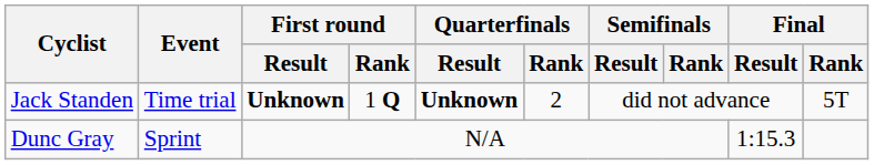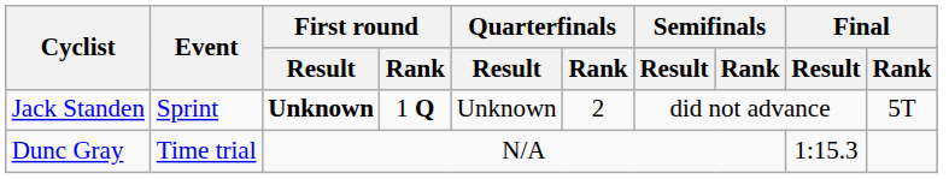 <table class=wikitable style="font-size:90%">
 <tr>
 <th rowspan=2>Cyclist</th>
 <th rowspan=2>Event</th>
 <th colspan=2>First round</th>
 <th colspan=2>Quarterfinals</th>
 <th colspan=2>Semifinals</th>
 <th colspan=2>Final</th>
 </tr>
 <tr>
 <th>Result</th>
 <th>Rank</th>
 <th>Result</th>
 <th>Rank</th>
 <th>Result</th>
 <th>Rank</th>
 <th>Result</th>
 <th>Rank</th>
 </tr>
 <tr>
 <td><a href='#'>Jack Standen</a></td>
-<td><a href='#'>Time trial</a></td>
+<td><a href='#'>Sprint</a></td>
 <td align=center><strong>Unknown</strong></td>
 <td align=center>1 <strong>Q</strong></td>
-<td align=center><strong>Unknown</strong></td>
+<td align=center>Unknown</td>
 <td align=center>2</td>
 <td align=center colspan=3>did not advance</td>
 <td align=center>5T</td>
 </tr>
 <tr>
 <td rowspan=2><a href='#'>Dunc Gray</a></td>
-<td><a href='#'>Sprint</a></td>
+<td><a href='#'>Time trial</a></td>
 <td align=center colspan=6>N/A</td>
 <td align=center>1:15.3</td>
 <td align=center></td>
 </tr>
 </table>
